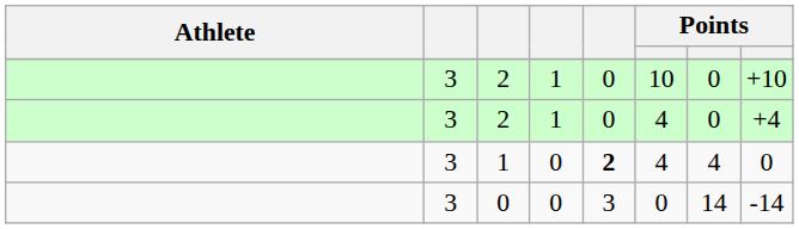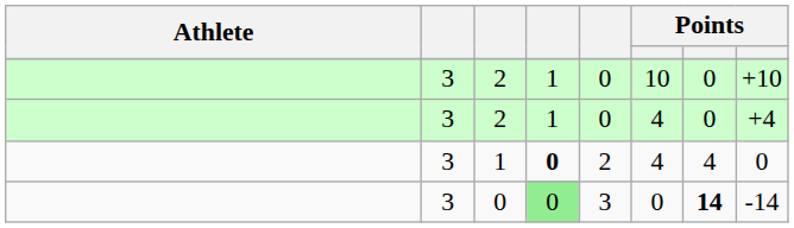 <table class="wikitable" style="text-align: center; font-size:100% ">
 <tr>
 <th rowspan=2 width=250>Athlete</th>
 <th rowspan=2 width=25></th>
 <th rowspan=2 width=25></th>
 <th rowspan=2 width=25></th>
 <th rowspan=2 width=25></th>
 <th colspan=3>Points</th>
 </tr>
 <tr>
 <th width=25></th>
 <th width=25></th>
 <th width=25></th>
 </tr>
 <tr bgcolor="ccffcc">
 </tr>
 <tr bgcolor="ccffcc">
 <td align=left></td>
 <td>3</td>
 <td>2</td>
 <td>1</td>
 <td>0</td>
 <td>10</td>
 <td>0</td>
 <td>+10</td>
 </tr>
 <tr bgcolor="ccffcc">
 <td align=left></td>
 <td>3</td>
 <td>2</td>
 <td>1</td>
 <td>0</td>
 <td>4</td>
 <td>0</td>
 <td>+4</td>
 </tr>
 <tr>
 <td align=left></td>
 <td>3</td>
 <td>1</td>
-<td>0</td>
-<td><strong>2</strong></td>
+<td><strong>0</strong></td>
+<td>2</td>
 <td>4</td>
 <td>4</td>
 <td>0</td>
 </tr>
 <tr>
 <td align=left></td>
 <td>3</td>
 <td>0</td>
-<td>0</td>
+<td style="background: lightgreen;">0</td>
 <td>3</td>
 <td>0</td>
-<td>14</td>
+<td><strong>14</strong></td>
 <td>-14</td>
 </tr>
 </table>
